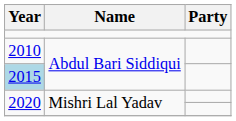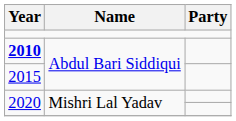 <table class="wikitable">
 <tr>
 <th>Year</th>
 <th>Name</th>
 <th colspan="2">Party</th>
 </tr>
 <tr>
 <td colspan="4"></td>
 </tr>
 <tr>
-<td><a href='#'>2010</a></td>
+<td><strong><a href='#'>2010</a></strong></td>
 <td rowspan="2"><a href='#'>Abdul Bari Siddiqui</a></td>
 <td></td>
 </tr>
 <tr>
-<td style="background: lightblue;"><a href='#'>2015</a></td>
+<td><a href='#'>2015</a></td>
 </tr>
 <tr>
 <td rowspan="2"><a href='#'>2020</a></td>
 <td rowspan="2">Mishri Lal Yadav</td>
 <td></td>
 </tr>
 <tr>
 <td></td>
 </tr>
 <tr>
 </tr>
 </table>
